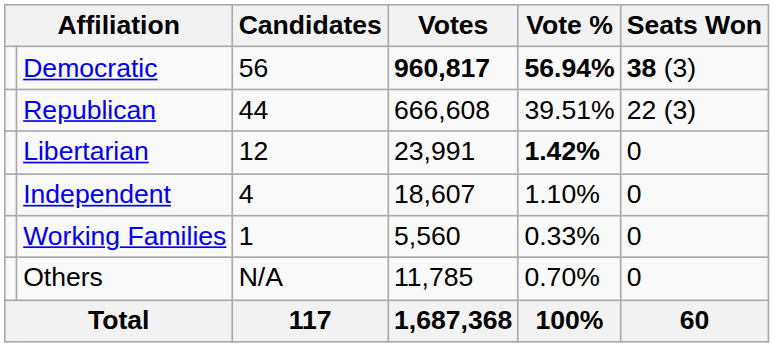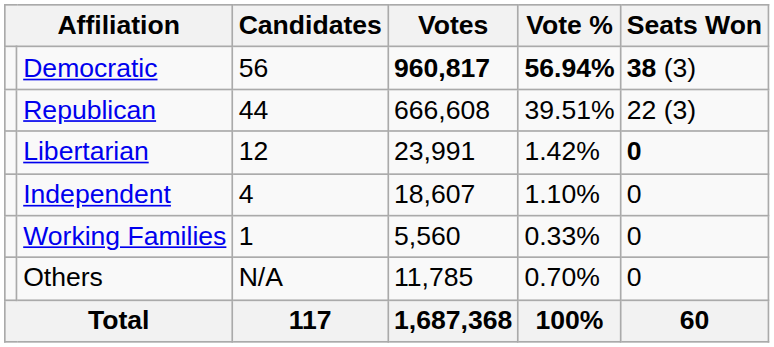 <table class="wikitable">
 <tr>
 <th colspan="2">Affiliation</th>
 <th>Candidates</th>
 <th>Votes</th>
 <th>Vote %</th>
 <th>Seats Won</th>
 </tr>
 <tr>
 <td style="background-color:"></td>
 <td><a href='#'>Democratic</a></td>
 <td>56</td>
 <td><strong>960,817</strong></td>
 <td><strong>56.94%</strong></td>
 <td><strong>38</strong> (3)</td>
 </tr>
 <tr>
 <td style="background-color:"></td>
 <td><a href='#'>Republican</a></td>
 <td>44</td>
 <td>666,608</td>
 <td>39.51%</td>
 <td>22 (3)</td>
 </tr>
 <tr>
 <td style="background-color:"></td>
 <td><a href='#'>Libertarian</a></td>
 <td>12</td>
 <td>23,991</td>
-<td><strong>1.42%</strong></td>
-<td>0</td>
+<td>1.42%</td>
+<td><strong>0</strong></td>
 </tr>
 <tr>
 <td style="background-color:"></td>
 <td><a href='#'>Independent</a></td>
 <td>4</td>
 <td>18,607</td>
 <td>1.10%</td>
 <td>0</td>
 </tr>
 <tr>
 <td style="background-color:"></td>
 <td><a href='#'>Working Families</a></td>
 <td>1</td>
 <td>5,560</td>
 <td>0.33%</td>
 <td>0</td>
 </tr>
 <tr>
 <td></td>
 <td>Others</td>
 <td>N/A</td>
 <td>11,785</td>
 <td>0.70%</td>
 <td>0</td>
 </tr>
 <tr>
 <th colspan="2">Total</th>
 <th>117</th>
 <th>1,687,368</th>
 <th>100%</th>
 <th>60</th>
 </tr>
 </table>
